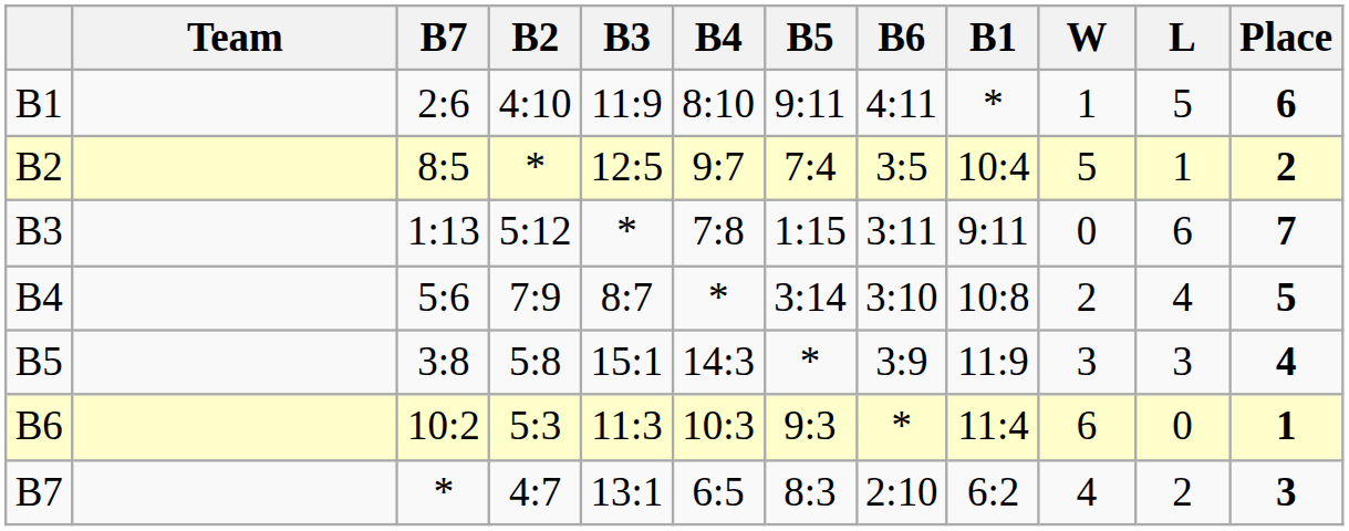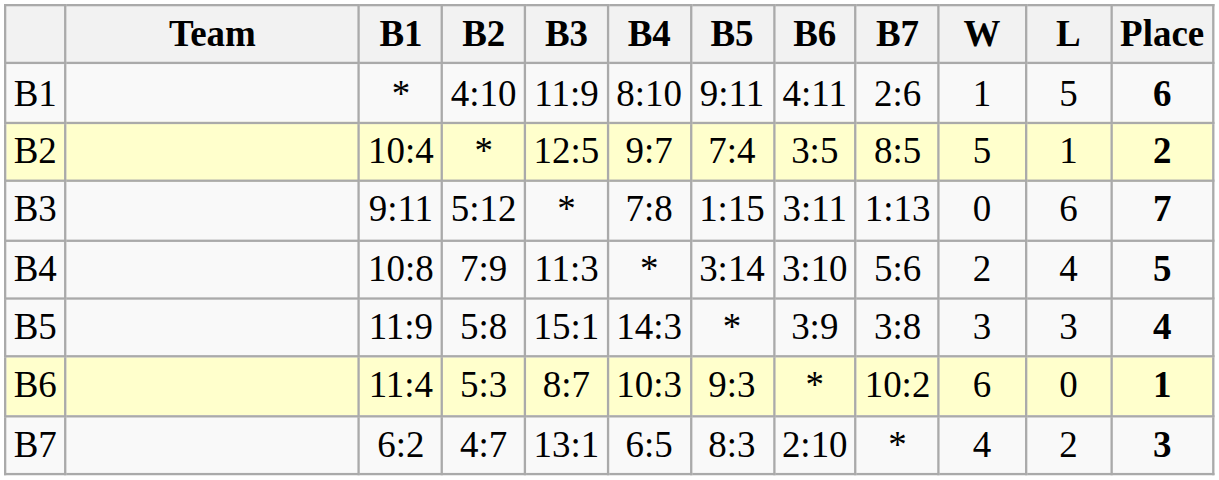 <table class="wikitable" style="text-align:center;">
 <tr>
 <th></th>
 <th width="120">Team</th>
-<th width="25">B7</th>
+<th width="25">B1</th>
 <th width="25">B2</th>
 <th width="25">B3</th>
 <th width="25">B4</th>
 <th width="25">B5</th>
 <th width="25">B6</th>
-<th width="25">B1</th>
+<th width="25">B7</th>
 <th width="30">W</th>
 <th width="30">L</th>
 <th>Place</th>
 </tr>
 <tr>
 <td>B1</td>
 <td align=left></td>
-<td>2:6</td>
+<td>*</td>
 <td>4:10</td>
 <td>11:9</td>
 <td>8:10</td>
 <td>9:11</td>
 <td>4:11</td>
-<td>*</td>
+<td>2:6</td>
 <td>1</td>
 <td>5</td>
 <td><strong>6</strong></td>
 </tr>
 <tr bgcolor=#ffffcc>
 <td>B2</td>
 <td align=left></td>
-<td>8:5</td>
+<td>10:4</td>
 <td>*</td>
 <td>12:5</td>
 <td>9:7</td>
 <td>7:4</td>
 <td>3:5</td>
-<td>10:4</td>
+<td>8:5</td>
 <td>5</td>
 <td>1</td>
 <td><strong>2</strong></td>
 </tr>
 <tr>
 <td>B3</td>
 <td align=left></td>
-<td>1:13</td>
+<td>9:11</td>
 <td>5:12</td>
 <td>*</td>
 <td>7:8</td>
 <td>1:15</td>
 <td>3:11</td>
-<td>9:11</td>
+<td>1:13</td>
 <td>0</td>
 <td>6</td>
 <td><strong>7</strong></td>
 </tr>
 <tr>
 <td>B4</td>
 <td align=left></td>
-<td>5:6</td>
+<td>10:8</td>
 <td>7:9</td>
-<td>8:7</td>
+<td>11:3</td>
 <td>*</td>
 <td>3:14</td>
 <td>3:10</td>
-<td>10:8</td>
+<td>5:6</td>
 <td>2</td>
 <td>4</td>
 <td><strong>5</strong></td>
 </tr>
 <tr>
 <td>B5</td>
 <td align=left></td>
-<td>3:8</td>
+<td>11:9</td>
 <td>5:8</td>
 <td>15:1</td>
 <td>14:3</td>
 <td>*</td>
 <td>3:9</td>
-<td>11:9</td>
+<td>3:8</td>
 <td>3</td>
 <td>3</td>
 <td><strong>4</strong></td>
 </tr>
 <tr bgcolor=#ffffcc>
 <td>B6</td>
 <td align=left></td>
-<td>10:2</td>
+<td>11:4</td>
 <td>5:3</td>
-<td>11:3</td>
+<td>8:7</td>
 <td>10:3</td>
 <td>9:3</td>
 <td>*</td>
-<td>11:4</td>
+<td>10:2</td>
 <td>6</td>
 <td>0</td>
 <td><strong>1</strong></td>
 </tr>
 <tr>
 <td>B7</td>
 <td align=left></td>
-<td>*</td>
+<td>6:2</td>
 <td>4:7</td>
 <td>13:1</td>
 <td>6:5</td>
 <td>8:3</td>
 <td>2:10</td>
-<td>6:2</td>
+<td>*</td>
 <td>4</td>
 <td>2</td>
 <td><strong>3</strong></td>
 </tr>
 </table>
